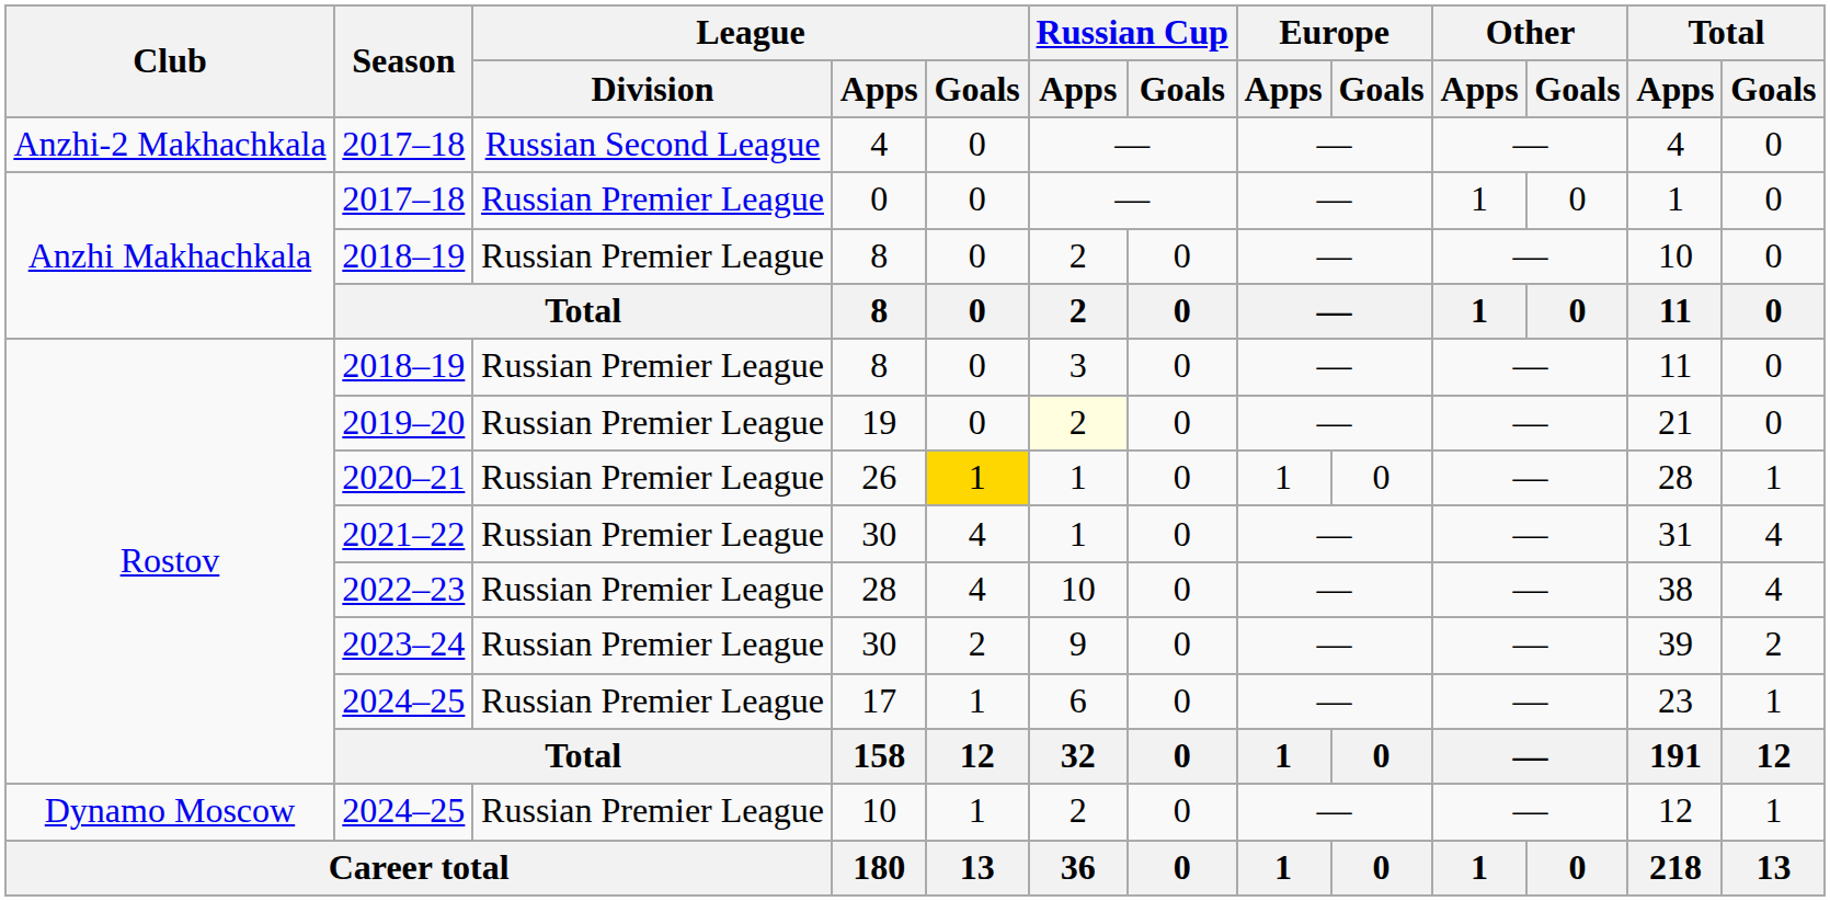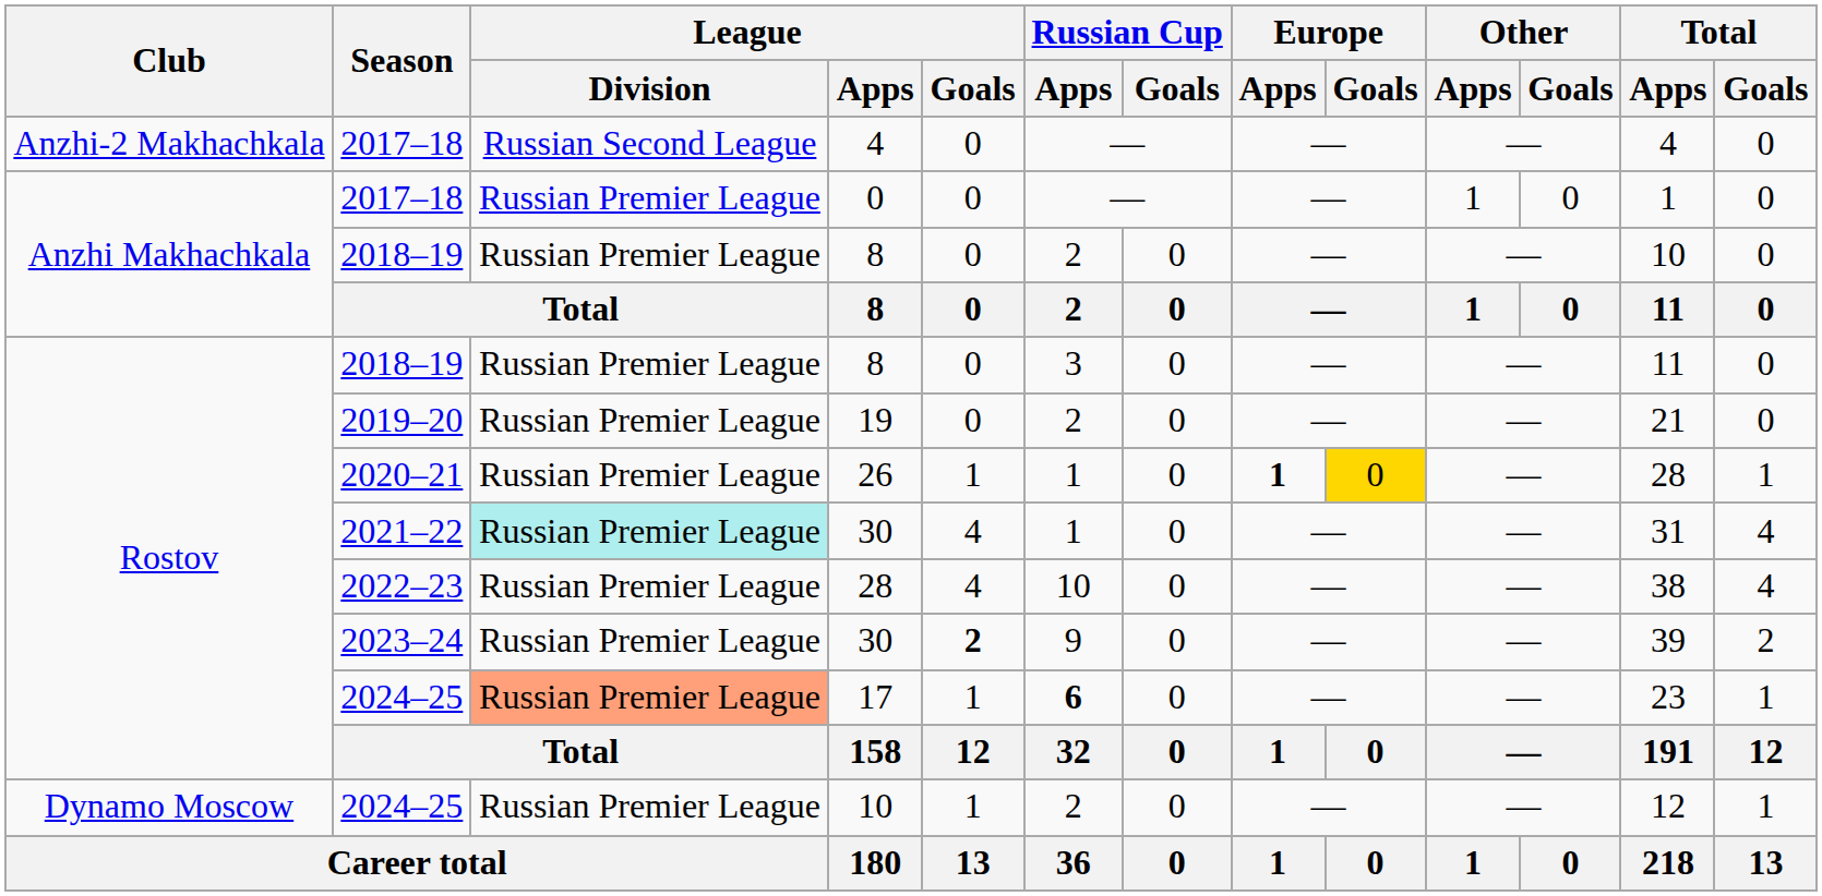 <table class="wikitable" style="text-align: center;">
 <tr>
 <th rowspan="2">Club</th>
 <th rowspan="2">Season</th>
 <th colspan="3">League</th>
 <th colspan="2"><a href='#'>Russian Cup</a></th>
 <th colspan="2">Europe</th>
 <th colspan="2">Other</th>
 <th colspan="2">Total</th>
 </tr>
 <tr>
 <th>Division</th>
 <th>Apps</th>
 <th>Goals</th>
 <th>Apps</th>
 <th>Goals</th>
 <th>Apps</th>
 <th>Goals</th>
 <th>Apps</th>
 <th>Goals</th>
 <th>Apps</th>
 <th>Goals</th>
 </tr>
 <tr>
 <td><a href='#'>Anzhi-2 Makhachkala</a></td>
 <td><a href='#'>2017–18</a></td>
 <td><a href='#'>Russian Second League</a></td>
 <td>4</td>
 <td>0</td>
 <td colspan="2">—</td>
 <td colspan="2">—</td>
 <td colspan="2">—</td>
 <td>4</td>
 <td>0</td>
 </tr>
 <tr>
 <td rowspan="3"><a href='#'>Anzhi Makhachkala</a></td>
 <td><a href='#'>2017–18</a></td>
 <td><a href='#'>Russian Premier League</a></td>
 <td>0</td>
 <td>0</td>
 <td colspan="2">—</td>
 <td colspan="2">—</td>
 <td>1</td>
 <td>0</td>
 <td>1</td>
 <td>0</td>
 </tr>
 <tr>
 <td><a href='#'>2018–19</a></td>
 <td>Russian Premier League</td>
 <td>8</td>
 <td>0</td>
 <td>2</td>
 <td>0</td>
 <td colspan="2">—</td>
 <td colspan="2">—</td>
 <td>10</td>
 <td>0</td>
 </tr>
 <tr>
 <th colspan="2">Total</th>
 <th>8</th>
 <th>0</th>
 <th>2</th>
 <th>0</th>
 <th colspan="2">—</th>
 <th>1</th>
 <th>0</th>
 <th>11</th>
 <th>0</th>
 </tr>
 <tr>
 <td rowspan="8"><a href='#'>Rostov</a></td>
 <td><a href='#'>2018–19</a></td>
 <td>Russian Premier League</td>
 <td>8</td>
 <td>0</td>
 <td>3</td>
 <td>0</td>
 <td colspan="2">—</td>
 <td colspan="2">—</td>
 <td>11</td>
 <td>0</td>
 </tr>
 <tr>
 <td><a href='#'>2019–20</a></td>
 <td>Russian Premier League</td>
 <td>19</td>
 <td>0</td>
-<td style="background: lightyellow;">2</td>
+<td>2</td>
 <td>0</td>
 <td colspan="2">—</td>
 <td colspan="2">—</td>
 <td>21</td>
 <td>0</td>
 </tr>
 <tr>
 <td><a href='#'>2020–21</a></td>
 <td>Russian Premier League</td>
 <td>26</td>
-<td style="background: gold;">1</td>
+<td>1</td>
 <td>1</td>
 <td>0</td>
-<td>1</td>
-<td>0</td>
+<td><strong>1</strong></td>
+<td style="background: gold;">0</td>
 <td colspan="2">—</td>
 <td>28</td>
 <td>1</td>
 </tr>
 <tr>
 <td><a href='#'>2021–22</a></td>
-<td>Russian Premier League</td>
+<td style="background: paleturquoise;">Russian Premier League</td>
 <td>30</td>
 <td>4</td>
 <td>1</td>
 <td>0</td>
 <td colspan="2">—</td>
 <td colspan="2">—</td>
 <td>31</td>
 <td>4</td>
 </tr>
 <tr>
 <td><a href='#'>2022–23</a></td>
 <td>Russian Premier League</td>
 <td>28</td>
 <td>4</td>
 <td>10</td>
 <td>0</td>
 <td colspan="2">—</td>
 <td colspan="2">—</td>
 <td>38</td>
 <td>4</td>
 </tr>
 <tr>
 <td><a href='#'>2023–24</a></td>
 <td>Russian Premier League</td>
 <td>30</td>
-<td>2</td>
+<td><strong>2</strong></td>
 <td>9</td>
 <td>0</td>
 <td colspan="2">—</td>
 <td colspan="2">—</td>
 <td>39</td>
 <td>2</td>
 </tr>
 <tr>
 <td><a href='#'>2024–25</a></td>
-<td>Russian Premier League</td>
+<td style="background: lightsalmon;">Russian Premier League</td>
 <td>17</td>
 <td>1</td>
-<td>6</td>
+<td><strong>6</strong></td>
 <td>0</td>
 <td colspan="2">—</td>
 <td colspan="2">—</td>
 <td>23</td>
 <td>1</td>
 </tr>
 <tr>
 <th colspan="2">Total</th>
 <th>158</th>
 <th>12</th>
 <th>32</th>
 <th>0</th>
 <th>1</th>
 <th>0</th>
 <th colspan="2">—</th>
 <th>191</th>
 <th>12</th>
 </tr>
 <tr>
 <td><a href='#'>Dynamo Moscow</a></td>
 <td><a href='#'>2024–25</a></td>
 <td>Russian Premier League</td>
 <td>10</td>
 <td>1</td>
 <td>2</td>
 <td>0</td>
 <td colspan="2">—</td>
 <td colspan="2">—</td>
 <td>12</td>
 <td>1</td>
 </tr>
 <tr>
 <th colspan="3">Career total</th>
 <th>180</th>
 <th>13</th>
 <th>36</th>
 <th>0</th>
 <th>1</th>
 <th>0</th>
 <th>1</th>
 <th>0</th>
 <th>218</th>
 <th>13</th>
 </tr>
 </table>
